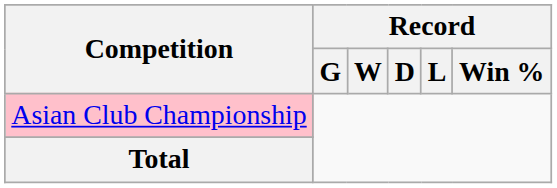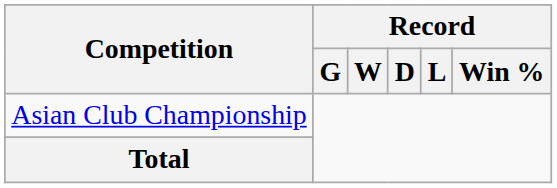 <table class="wikitable" style="text-align: center">
 <tr>
 <th rowspan="2">Competition</th>
 <th colspan="5">Record</th>
 </tr>
 <tr>
 <th>G</th>
 <th>W</th>
 <th>D</th>
 <th>L</th>
 <th>Win %</th>
 </tr>
 <tr>
-<td align=left style="background: pink;"><a href='#'>Asian Club Championship</a><br></td>
+<td align=left><a href='#'>Asian Club Championship</a><br></td>
 </tr>
 <tr>
 <th>Total<br></th>
 </tr>
 </table>
